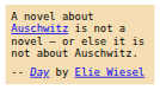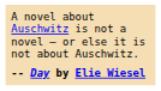 <table class="toccolours" style="float: right; margin-left: 1em; margin-right: 1em; font-size: 85%; background:#F5DEB3; color:black; width:23em; max-width: 25%;" cellspacing="5">
 <tr>
 <td style="text-align: left;">A novel about <a href='#'>Auschwitz</a> is not a novel – or else it is not about Auschwitz.</td>
 </tr>
 <tr>
-<td style="text-align: left;">-- <em><a href='#'>Day</a></em> by <a href='#'>Elie Wiesel</a></td>
+<td style="text-align: left;"><strong>-- <em><a href='#'>Day</a></em> by <a href='#'>Elie Wiesel</a></strong></td>
 </tr>
 </table>
